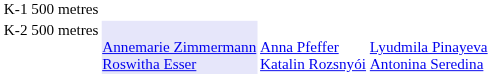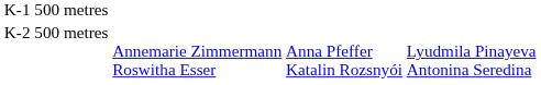 <table>
 <tr valign="top">
 <td>K-1 500 metres<br></td>
 <td></td>
 <td></td>
 <td></td>
 </tr>
 <tr valign="top">
 <td>K-2 500 metres<br></td>
-<td style="background: lavender;"> <br><a href='#'>Annemarie Zimmermann</a> <br><a href='#'>Roswitha Esser</a></td>
+<td> <br><a href='#'>Annemarie Zimmermann</a> <br><a href='#'>Roswitha Esser</a></td>
 <td> <br><a href='#'>Anna Pfeffer</a> <br><a href='#'>Katalin Rozsnyói</a></td>
 <td> <br><a href='#'>Lyudmila Pinayeva</a> <br><a href='#'>Antonina Seredina</a></td>
 </tr>
 </table>
